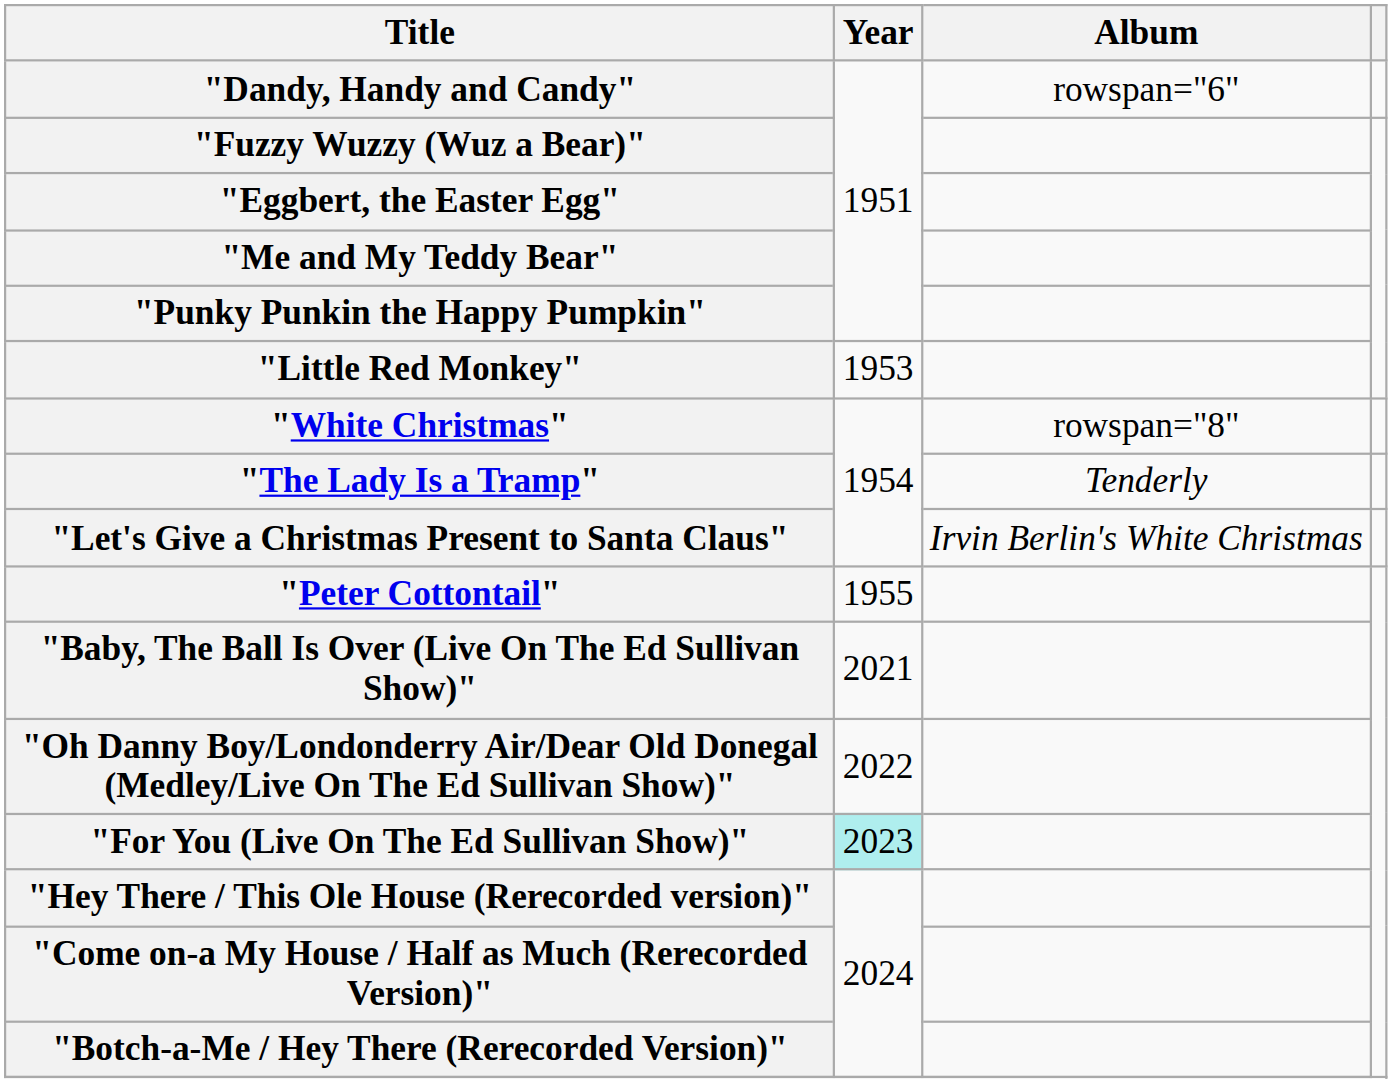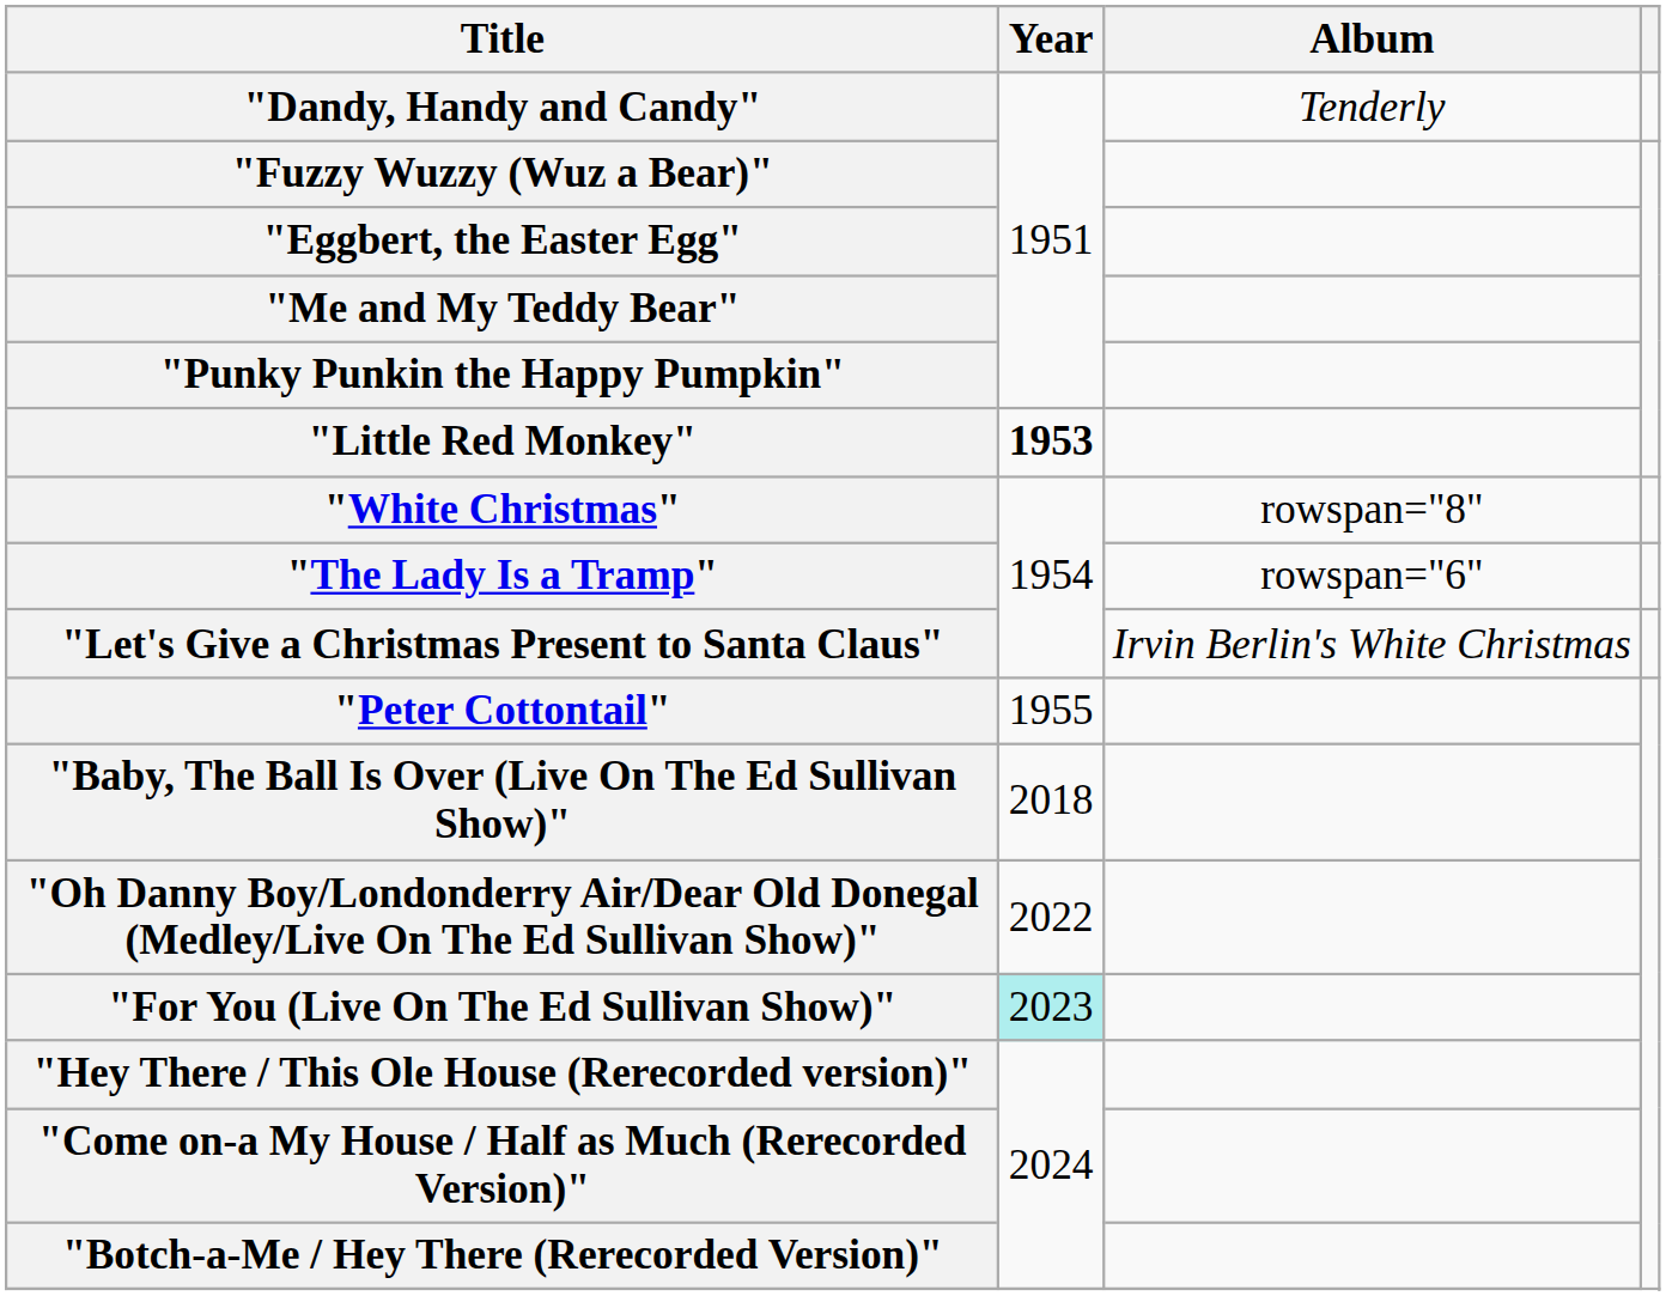 <table class="wikitable plainrowheaders" style="text-align:center;">
 <tr>
 <th style="width:23em;">Title</th>
 <th>Year</th>
 <th>Album</th>
 <th></th>
 </tr>
 <tr>
 <th scope="row">"Dandy, Handy and Candy"</th>
 <td rowspan="5">1951</td>
-<td>rowspan="6" </td>
+<td><em>Tenderly</em></td>
 <td></td>
 </tr>
 <tr>
 <th scope="row">"Fuzzy Wuzzy (Wuz a Bear)"</th>
 <td></td>
 </tr>
 <tr>
 <th scope="row">"Eggbert, the Easter Egg"</th>
 <td></td>
 </tr>
 <tr>
 <th scope="row">"Me and My Teddy Bear"</th>
 <td></td>
 </tr>
 <tr>
 <th scope="row">"Punky Punkin the Happy Pumpkin"</th>
 <td></td>
 </tr>
 <tr>
 <th scope="row">"Little Red Monkey"</th>
-<td>1953</td>
+<td><strong>1953</strong></td>
 <td></td>
 </tr>
 <tr>
 <th scope="row">"<a href='#'>White Christmas</a>"</th>
 <td rowspan="3">1954</td>
 <td>rowspan="8" </td>
 <td></td>
 </tr>
 <tr>
 <th scope="row">"<a href='#'>The Lady Is a Tramp</a>"</th>
-<td><em>Tenderly</em></td>
+<td>rowspan="6" </td>
 <td></td>
 </tr>
 <tr>
 <th scope="row">"Let's Give a Christmas Present to Santa Claus"</th>
 <td><em>Irvin Berlin's White Christmas</em></td>
 <td></td>
 </tr>
 <tr>
 <th scope="row">"<a href='#'>Peter Cottontail</a>"</th>
 <td>1955</td>
 <td></td>
 </tr>
 <tr>
 <th scope="row">"Baby, The Ball Is Over (Live On The Ed Sullivan Show)"</th>
-<td>2021</td>
+<td>2018</td>
 <td></td>
 </tr>
 <tr>
 <th scope="row">"Oh Danny Boy/Londonderry Air/Dear Old Donegal (Medley/Live On The Ed Sullivan Show)" </th>
 <td>2022</td>
 <td></td>
 </tr>
 <tr>
 <th scope="row">"For You (Live On The Ed Sullivan Show)"</th>
 <td style="background: paleturquoise;">2023</td>
 <td></td>
 </tr>
 <tr>
 <th scope="row">"Hey There / This Ole House (Rerecorded version)"</th>
 <td rowspan="3">2024</td>
 <td></td>
 </tr>
 <tr>
 <th scope="row">"Come on-a My House / Half as Much (Rerecorded Version)"</th>
 <td></td>
 </tr>
 <tr>
 <th scope="row">"Botch-a-Me / Hey There (Rerecorded Version)"</th>
 <td></td>
 </tr>
 <tr>
 </tr>
 </table>
